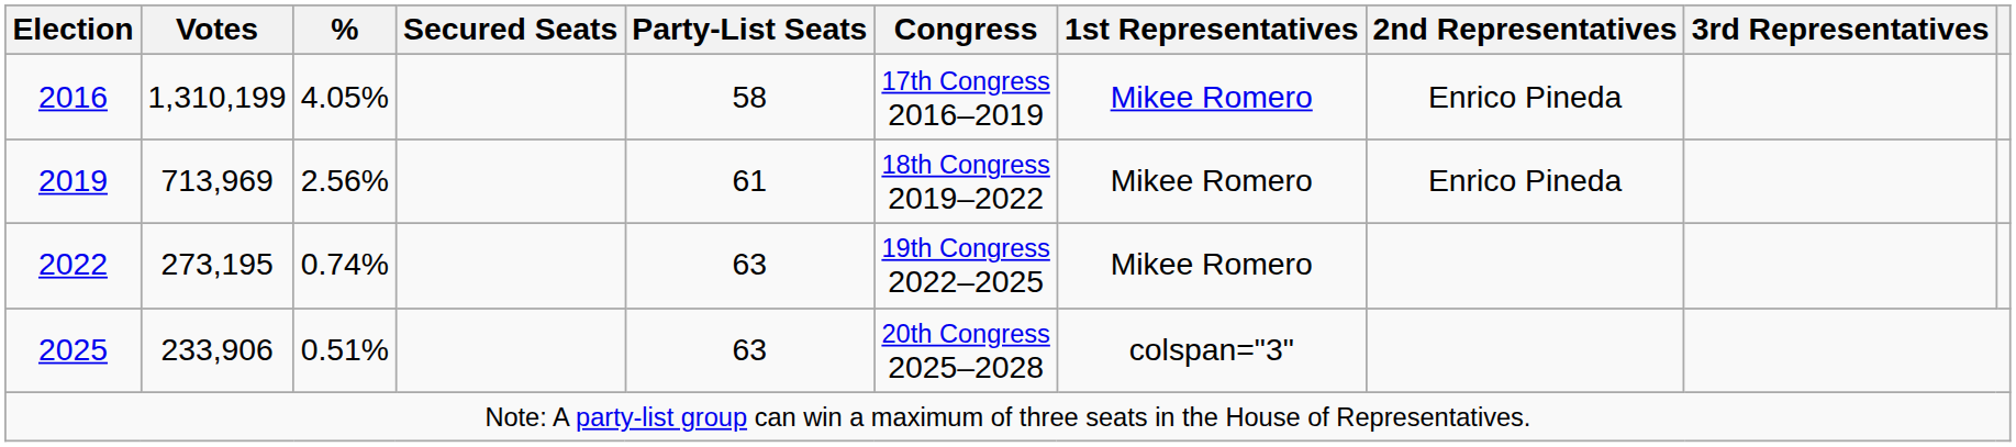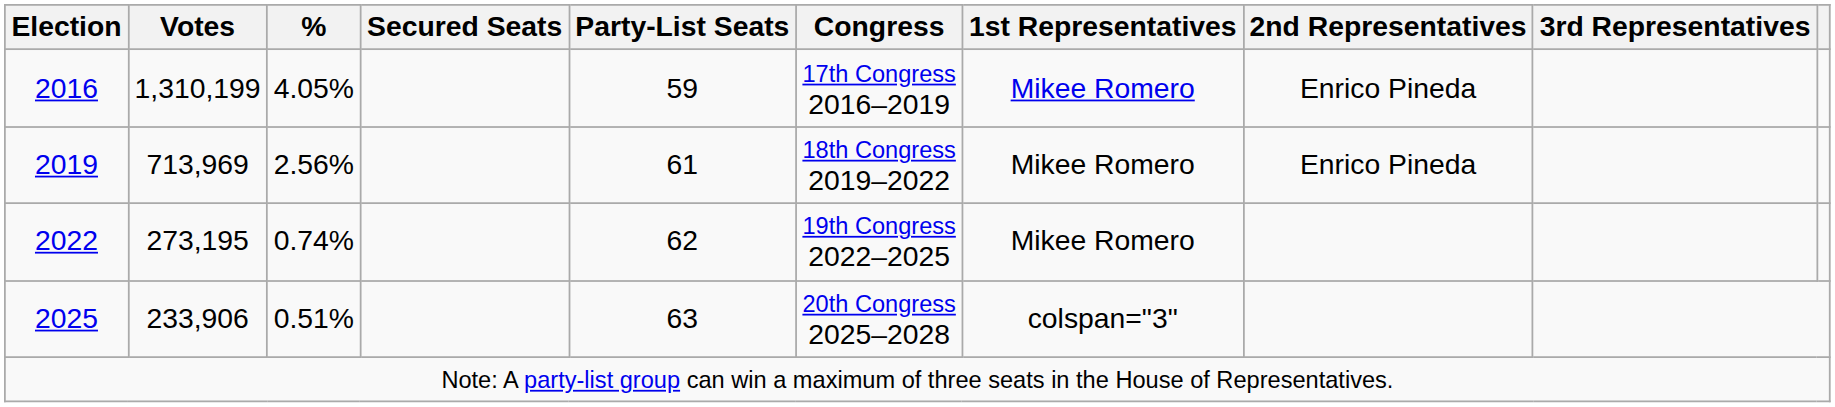 <table class="wikitable" style="text-align:center">
 <tr>
 <th>Election</th>
 <th>Votes</th>
 <th>%</th>
 <th>Secured Seats</th>
 <th>Party-List Seats</th>
 <th>Congress</th>
 <th>1st Representatives</th>
 <th>2nd Representatives</th>
 <th>3rd Representatives</th>
 <th></th>
 </tr>
 <tr>
 <td><a href='#'>2016</a></td>
 <td>1,310,199</td>
 <td>4.05%</td>
 <td></td>
-<td>58</td>
+<td>59</td>
 <td><small><a href='#'>17th Congress</a></small><br>2016–2019</td>
 <td><a href='#'>Mikee Romero</a></td>
 <td>Enrico Pineda</td>
 <td></td>
 <td></td>
 </tr>
 <tr>
 <td><a href='#'>2019</a></td>
 <td>713,969</td>
 <td>2.56%</td>
 <td></td>
 <td>61</td>
 <td><small><a href='#'>18th Congress</a></small><br>2019–2022</td>
 <td>Mikee Romero</td>
 <td>Enrico Pineda</td>
 <td></td>
 <td></td>
 </tr>
 <tr>
 <td><a href='#'>2022</a></td>
 <td>273,195</td>
 <td>0.74%</td>
 <td></td>
-<td>63</td>
+<td>62</td>
 <td><small><a href='#'>19th Congress</a></small><br>2022–2025</td>
 <td>Mikee Romero</td>
 <td></td>
 <td></td>
 <td></td>
 </tr>
 <tr>
 <td><a href='#'>2025</a></td>
 <td>233,906</td>
 <td>0.51%</td>
 <td></td>
 <td>63</td>
 <td><small><a href='#'>20th Congress</a></small><br>2025–2028</td>
 <td>colspan="3" </td>
 <td></td>
 </tr>
 <tr>
 <td colspan="10"><small>Note: A <a href='#'>party-list group</a> can win a maximum of three seats in the House of Representatives.</small></td>
 </tr>
 </table>
